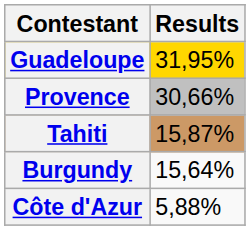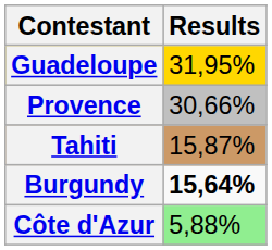 <table class="wikitable sortable" style="font-size: 95%;">
 <tr>
 <th scope=col>Contestant</th>
 <th scope=col>Results</th>
 </tr>
 <tr bgcolor=gold>
 <th><a href='#'>Guadeloupe</a></th>
 <td>31,95%</td>
 </tr>
 <tr bgcolor=silver>
 <th><a href='#'>Provence</a></th>
 <td>30,66%</td>
 </tr>
 <tr bgcolor=#cc9966>
 <th><a href='#'>Tahiti</a></th>
 <td>15,87%</td>
 </tr>
 <tr>
 <th><a href='#'>Burgundy</a></th>
-<td>15,64%</td>
+<td><strong>15,64%</strong></td>
 </tr>
 <tr>
 <th><a href='#'>Côte d'Azur</a></th>
-<td>5,88%</td>
+<td style="background: lightgreen;">5,88%</td>
 </tr>
 </table>
